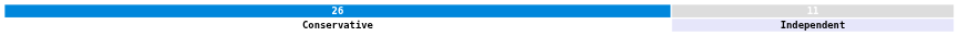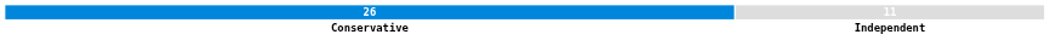 <table style="width:100%; text-align:center;">
 <tr style="color:white;">
 <td style="background:#0087DC; width:70.27%;"><strong>26</strong></td>
 <td style="background:#DDDDDD; width:29.73%;"><strong>11</strong></td>
 </tr>
 <tr>
 <td><span><strong>Conservative</strong></span></td>
-<td style="background: lavender;"><span><strong>Independent</strong></span></td>
+<td><span><strong>Independent</strong></span></td>
 </tr>
 </table>
